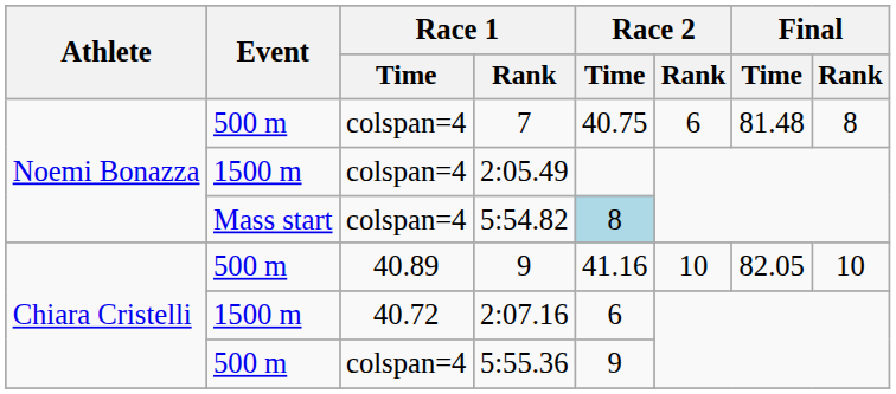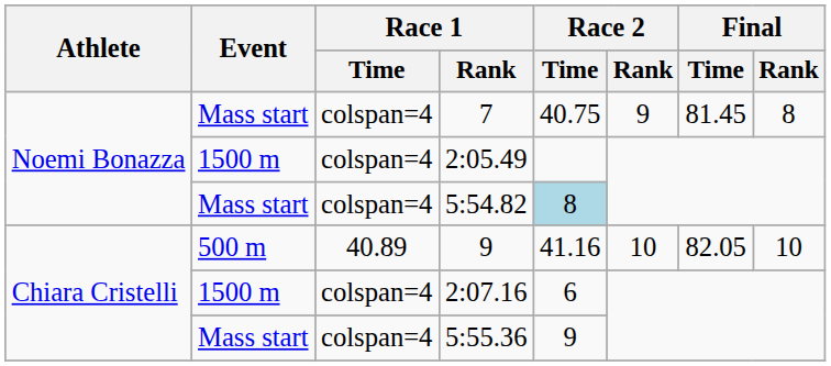 <table class="wikitable" style="font-size:90%">
 <tr>
 <th rowspan=2>Athlete</th>
 <th rowspan=2>Event</th>
 <th colspan=2>Race 1</th>
 <th colspan=2>Race 2</th>
 <th colspan=2>Final</th>
 </tr>
 <tr style="font-size:95%">
 <th>Time</th>
 <th>Rank</th>
 <th>Time</th>
 <th>Rank</th>
 <th>Time</th>
 <th>Rank</th>
 </tr>
 <tr align=center>
 <td align=left rowspan=3><a href='#'>Noemi Bonazza</a></td>
-<td align=left><a href='#'>500 m</a></td>
+<td align=left><a href='#'>Mass start</a></td>
 <td>colspan=4 </td>
 <td>7</td>
 <td>40.75</td>
-<td>6</td>
-<td>81.48</td>
+<td>9</td>
+<td>81.45</td>
 <td>8</td>
 </tr>
 <tr align=center>
 <td align=left><a href='#'>1500 m</a></td>
 <td>colspan=4 </td>
 <td>2:05.49</td>
 <td></td>
 </tr>
 <tr align=center>
 <td align=left><a href='#'>Mass start</a></td>
 <td>colspan=4 </td>
 <td>5:54.82</td>
 <td style="background: lightblue;">8</td>
 </tr>
 <tr align=center>
 <td align=left rowspan=3><a href='#'>Chiara Cristelli</a></td>
 <td align=left><a href='#'>500 m</a></td>
 <td>40.89</td>
 <td>9</td>
 <td>41.16</td>
 <td>10</td>
 <td>82.05</td>
 <td>10</td>
 </tr>
 <tr align=center>
 <td align=left><a href='#'>1500 m</a></td>
-<td>40.72</td>
+<td>colspan=4 </td>
 <td>2:07.16</td>
 <td>6</td>
 </tr>
 <tr align=center>
-<td align=left><a href='#'>500 m</a></td>
+<td align=left><a href='#'>Mass start</a></td>
 <td>colspan=4 </td>
 <td>5:55.36</td>
 <td>9</td>
 </tr>
 </table>
